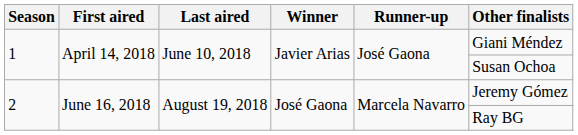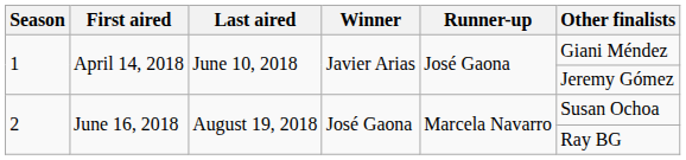 <table class="wikitable">
 <tr>
 <th>Season</th>
 <th>First aired</th>
 <th>Last aired</th>
 <th>Winner</th>
 <th>Runner-up</th>
 <th>Other finalists</th>
 </tr>
 <tr>
 <td rowspan="2">1</td>
 <td rowspan="2">April 14, 2018</td>
 <td rowspan="2">June 10, 2018</td>
 <td rowspan="2">Javier Arias</td>
 <td rowspan="2">José Gaona</td>
 <td>Giani Méndez</td>
 </tr>
 <tr>
-<td>Susan Ochoa</td>
+<td>Jeremy Gómez</td>
 </tr>
 <tr>
 <td rowspan="2">2</td>
 <td rowspan="2">June 16, 2018</td>
 <td rowspan="2">August 19, 2018</td>
 <td rowspan="2">José Gaona</td>
 <td rowspan="2">Marcela Navarro</td>
-<td>Jeremy Gómez</td>
+<td>Susan Ochoa</td>
 </tr>
 <tr>
 <td>Ray BG</td>
 </tr>
 </table>
